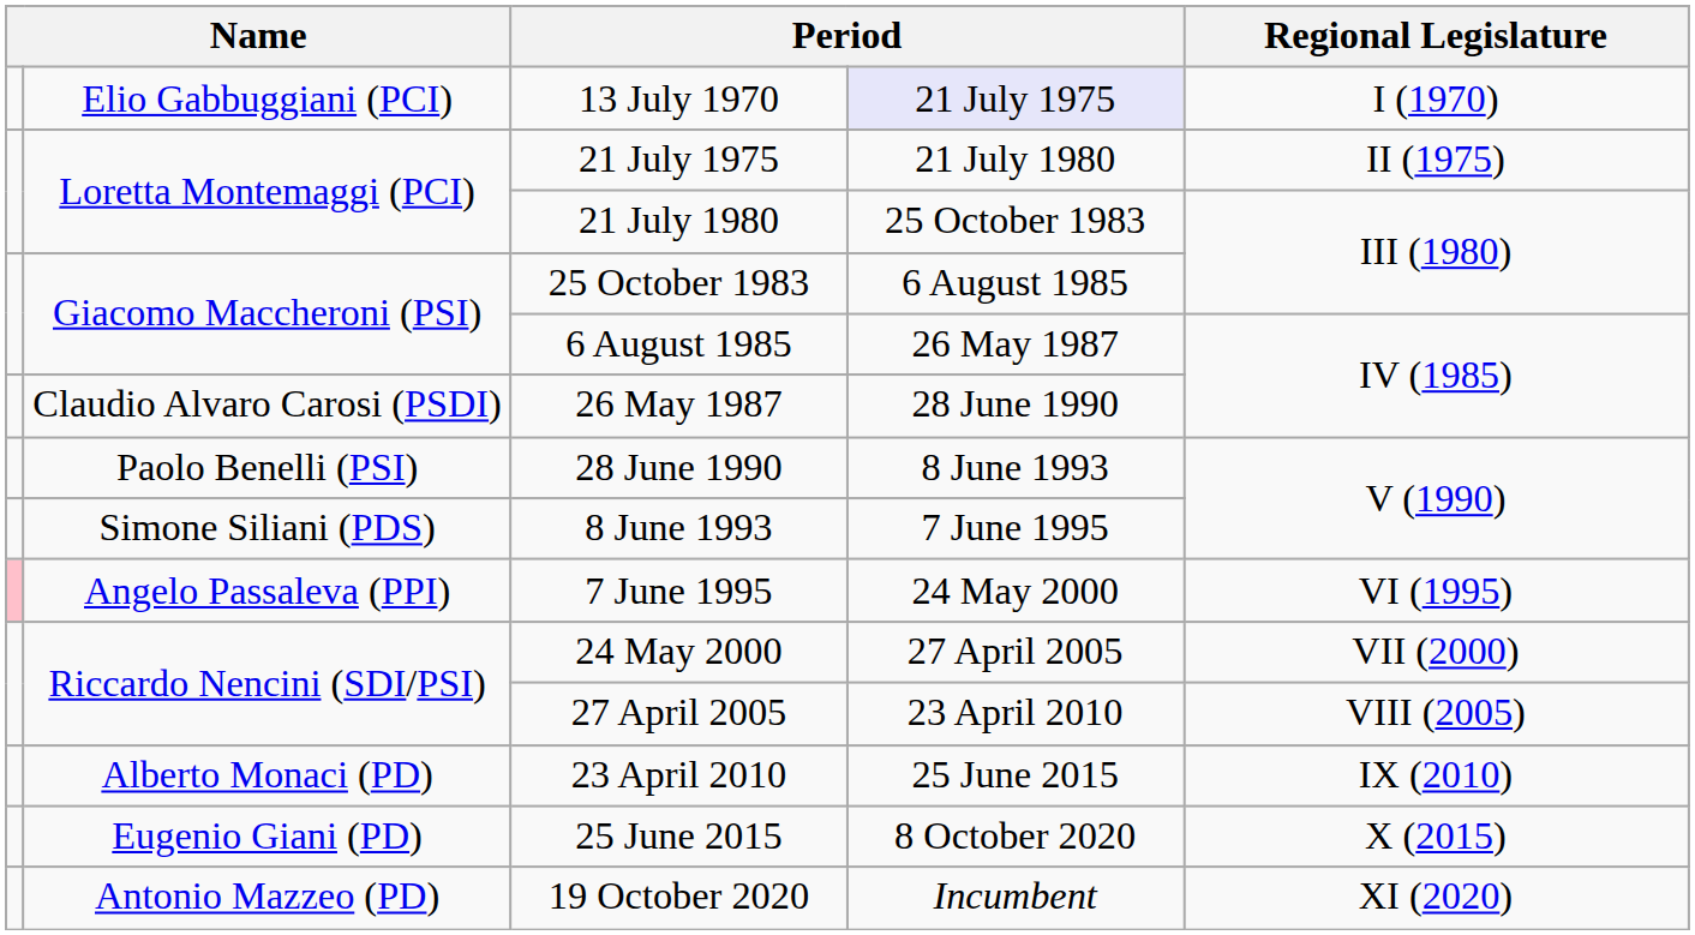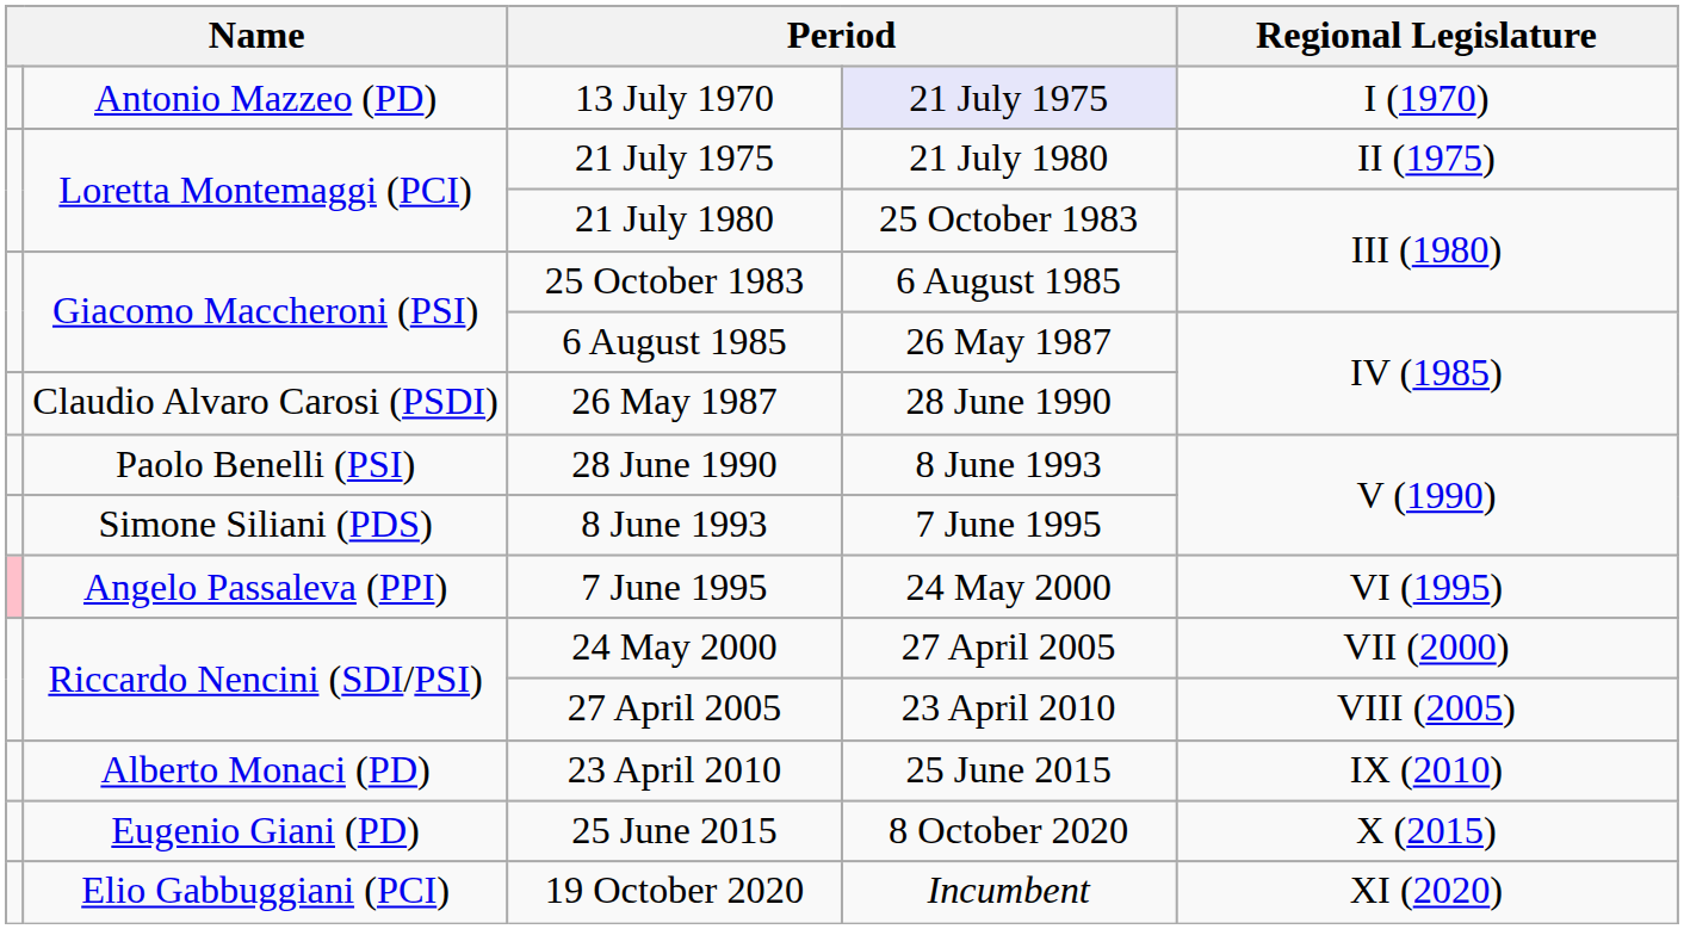 <table class="wikitable">
 <tr>
 <th width="30%" colspan=2>Name</th>
 <th width="40%" colspan=2>Period</th>
 <th width="30%">Regional Legislature</th>
 </tr>
 <tr align=center>
 <td style="background:"></td>
-<td><a href='#'>Elio Gabbuggiani</a> (<a href='#'>PCI</a>)</td>
+<td><a href='#'>Antonio Mazzeo</a> (<a href='#'>PD</a>)</td>
 <td>13 July 1970</td>
 <td style="background: lavender;">21 July 1975</td>
 <td>I (<a href='#'>1970</a>)</td>
 </tr>
 <tr align=center>
 <td rowspan=2 style="background:"></td>
 <td rowspan=2><a href='#'>Loretta Montemaggi</a> (<a href='#'>PCI</a>)</td>
 <td>21 July 1975</td>
 <td>21 July 1980</td>
 <td>II (<a href='#'>1975</a>)</td>
 </tr>
 <tr align=center>
 <td>21 July 1980</td>
 <td>25 October 1983</td>
 <td rowspan=2>III (<a href='#'>1980</a>)</td>
 </tr>
 <tr align=center>
 <td rowspan=2 style="background:"></td>
 <td rowspan=2><a href='#'>Giacomo Maccheroni</a> (<a href='#'>PSI</a>)</td>
 <td>25 October 1983</td>
 <td>6 August 1985</td>
 </tr>
 <tr align=center>
 <td>6 August 1985</td>
 <td>26 May 1987</td>
 <td rowspan=2>IV (<a href='#'>1985</a>)</td>
 </tr>
 <tr align=center>
 <td style="background:"></td>
 <td>Claudio Alvaro Carosi (<a href='#'>PSDI</a>)</td>
 <td>26 May 1987</td>
 <td>28 June 1990</td>
 </tr>
 <tr align=center>
 <td style="background:"></td>
 <td>Paolo Benelli (<a href='#'>PSI</a>)</td>
 <td>28 June 1990</td>
 <td>8 June 1993</td>
 <td rowspan=2>V (<a href='#'>1990</a>)</td>
 </tr>
 <tr align=center>
 <td style="background:"></td>
 <td>Simone Siliani (<a href='#'>PDS</a>)</td>
 <td>8 June 1993</td>
 <td>7 June 1995</td>
 </tr>
 <tr align=center>
 <td style="color:inherit;background:pink"></td>
 <td><a href='#'>Angelo Passaleva</a> (<a href='#'>PPI</a>)</td>
 <td>7 June 1995</td>
 <td>24 May 2000</td>
 <td>VI (<a href='#'>1995</a>)</td>
 </tr>
 <tr align=center>
 <td rowspan="2" style="background:"></td>
 <td rowspan="2"><a href='#'>Riccardo Nencini</a> (<a href='#'>SDI</a>/<a href='#'>PSI</a>)</td>
 <td>24 May 2000</td>
 <td>27 April 2005</td>
 <td>VII (<a href='#'>2000</a>)</td>
 </tr>
 <tr align=center>
 <td>27 April 2005</td>
 <td>23 April 2010</td>
 <td>VIII (<a href='#'>2005</a>)</td>
 </tr>
 <tr align=center>
 <td style="background:"></td>
 <td><a href='#'>Alberto Monaci</a> (<a href='#'>PD</a>)</td>
 <td>23 April 2010</td>
 <td>25 June 2015</td>
 <td>IX (<a href='#'>2010</a>)</td>
 </tr>
 <tr align=center>
 <td style="background:"></td>
 <td><a href='#'>Eugenio Giani</a> (<a href='#'>PD</a>)</td>
 <td>25 June 2015</td>
 <td>8 October 2020</td>
 <td>X (<a href='#'>2015</a>)</td>
 </tr>
 <tr align=center>
 <td style="background:"></td>
-<td><a href='#'>Antonio Mazzeo</a> (<a href='#'>PD</a>)</td>
+<td><a href='#'>Elio Gabbuggiani</a> (<a href='#'>PCI</a>)</td>
 <td>19 October 2020</td>
 <td><em>Incumbent</em></td>
 <td>XI (<a href='#'>2020</a>)</td>
 </tr>
 </table>
